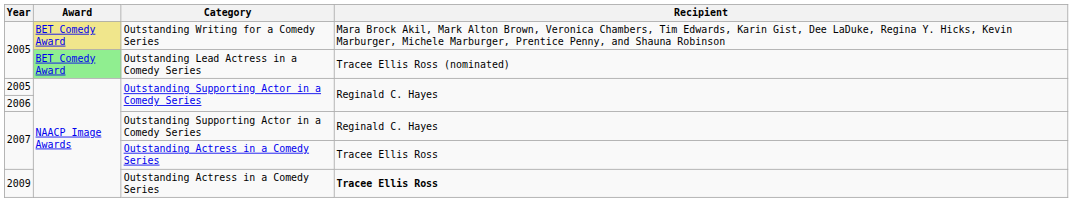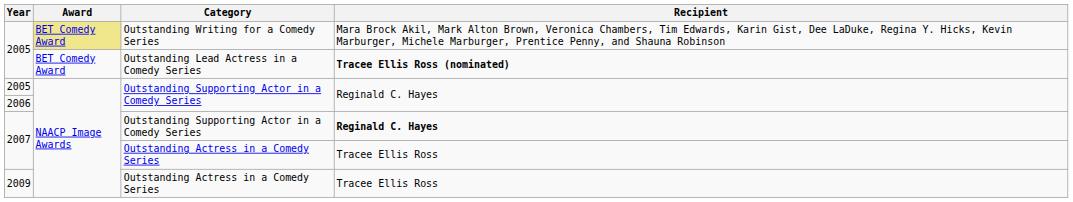 <table class="wikitable" style="font-size:90%">
 <tr>
 <th>Year</th>
 <th>Award</th>
 <th>Category</th>
 <th>Recipient</th>
 </tr>
 <tr>
 <td rowspan=2>2005</td>
 <td style="background: khaki;"><a href='#'>BET Comedy Award</a></td>
 <td>Outstanding Writing for a Comedy Series</td>
 <td>Mara Brock Akil, Mark Alton Brown, Veronica Chambers, Tim Edwards, Karin Gist, Dee LaDuke, Regina Y. Hicks, Kevin Marburger, Michele Marburger, Prentice Penny, and Shauna Robinson</td>
 </tr>
 <tr>
-<td style="background: lightgreen;"><a href='#'>BET Comedy Award</a></td>
+<td><a href='#'>BET Comedy Award</a></td>
 <td>Outstanding Lead Actress in a Comedy Series</td>
-<td>Tracee Ellis Ross (nominated)</td>
+<td><strong>Tracee Ellis Ross (nominated)</strong></td>
 </tr>
 <tr>
 <td>2005</td>
 <td rowspan=5><a href='#'>NAACP Image Awards</a></td>
 <td rowspan=2><a href='#'>Outstanding Supporting Actor in a Comedy Series</a></td>
 <td rowspan=2>Reginald C. Hayes</td>
 </tr>
 <tr>
 <td>2006</td>
 </tr>
 <tr>
 <td rowspan=2>2007</td>
 <td>Outstanding Supporting Actor in a Comedy Series</td>
-<td>Reginald C. Hayes</td>
+<td><strong>Reginald C. Hayes</strong></td>
 </tr>
 <tr>
 <td><a href='#'>Outstanding Actress in a Comedy Series</a></td>
 <td>Tracee Ellis Ross</td>
 </tr>
 <tr>
 <td>2009</td>
 <td>Outstanding Actress in a Comedy Series</td>
-<td><strong>Tracee Ellis Ross</strong></td>
+<td>Tracee Ellis Ross</td>
 </tr>
 </table>
